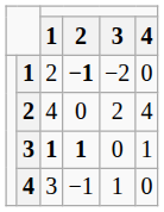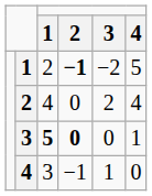 <table class=wikitable style="float:left; margin:10px; text-align:center;">
 <tr>
 <td colspan="2" rowspan="2"></td>
 <td colspan="4"></td>
 </tr>
 <tr>
 <th>1</th>
 <th>2</th>
 <th>3</th>
 <th>4</th>
 </tr>
 <tr>
 <td rowspan="4"></td>
 <th>1</th>
 <td>2</td>
 <td><strong>−1</strong></td>
 <td>−2</td>
-<td>0</td>
+<td>5</td>
 </tr>
 <tr>
 <th>2</th>
 <td>4</td>
 <td>0</td>
 <td>2</td>
 <td>4</td>
 </tr>
 <tr>
 <th>3</th>
-<td><strong>1</strong></td>
-<td><strong>1</strong></td>
+<td><strong>5</strong></td>
+<td><strong>0</strong></td>
 <td>0</td>
 <td>1</td>
 </tr>
 <tr>
 <th>4</th>
 <td>3</td>
 <td>−1</td>
 <td>1</td>
 <td>0</td>
 </tr>
 </table>
